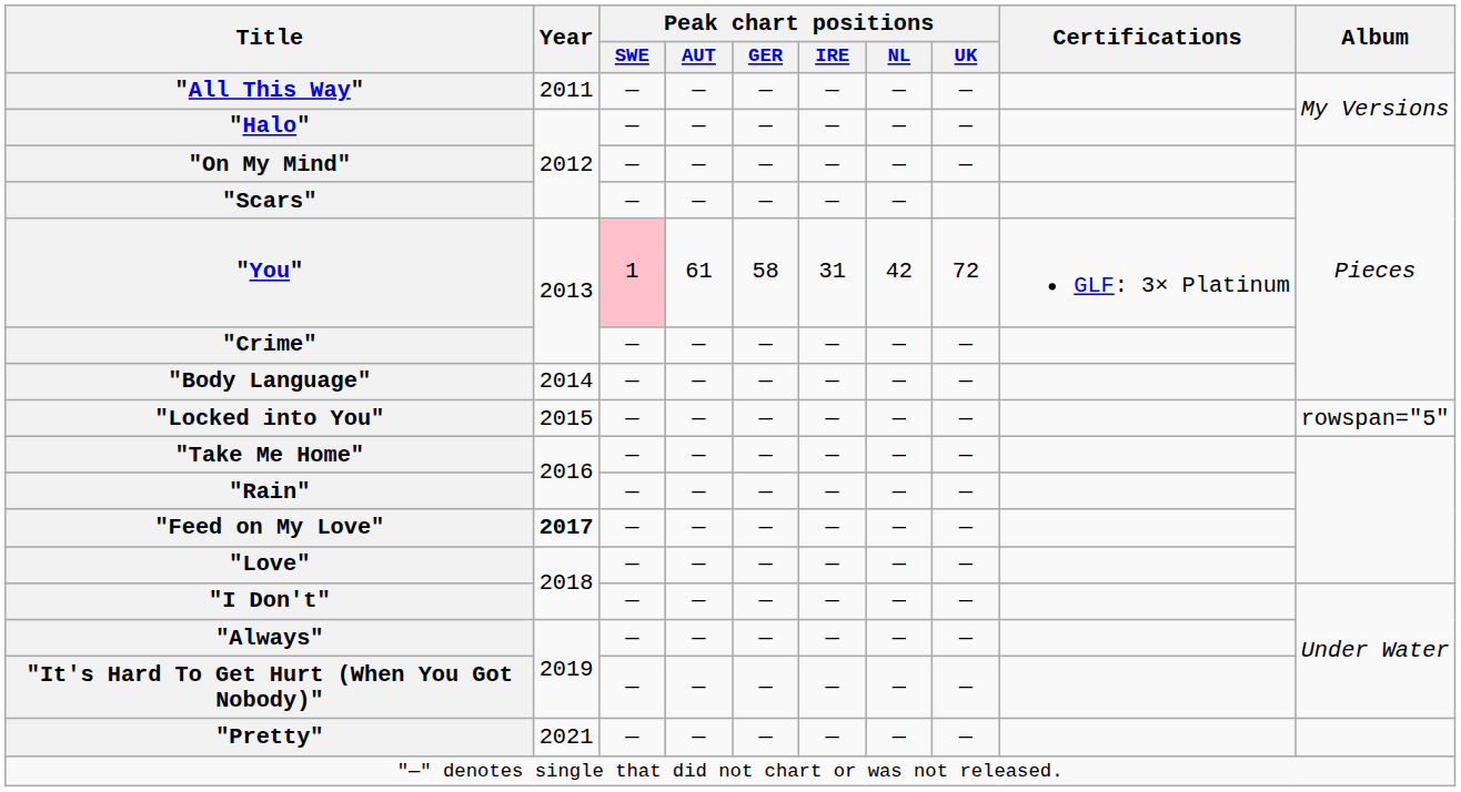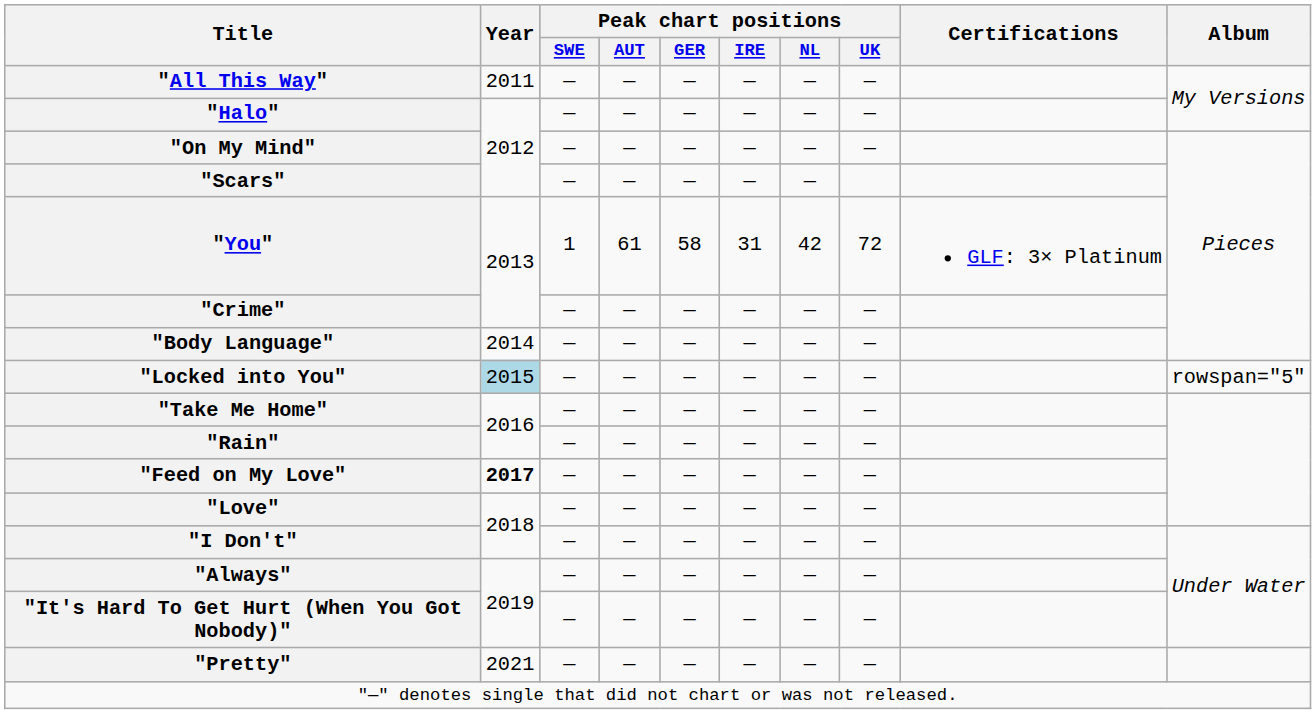 <table class="wikitable plainrowheaders" style="text-align:center;">
 <tr>
 <th scope="col" rowspan="2" style="width:23em;">Title</th>
 <th scope="col" rowspan="2" style="width:1em;">Year</th>
 <th scope="col" colspan="6">Peak chart positions</th>
 <th scope="col" rowspan="2">Certifications</th>
 <th scope="col" rowspan="2">Album</th>
 </tr>
 <tr>
 <th scope="col" style="width:3em;font-size:85%;"><a href='#'>SWE</a><br></th>
 <th scope="col" style="width:3em;font-size:85%;"><a href='#'>AUT</a><br></th>
 <th scope="col" style="width:3em;font-size:85%;"><a href='#'>GER</a></th>
 <th scope="col" style="width:3em;font-size:85%;"><a href='#'>IRE</a><br></th>
 <th scope="col" style="width:3em;font-size:85%;"><a href='#'>NL</a><br></th>
 <th scope="col" style="width:3em;font-size:85%;"><a href='#'>UK</a><br></th>
 </tr>
 <tr>
 <th scope="row">"<a href='#'>All This Way</a>"</th>
 <td>2011</td>
 <td>—</td>
 <td>—</td>
 <td>—</td>
 <td>—</td>
 <td>—</td>
 <td>—</td>
 <td></td>
 <td rowspan="2"><em>My Versions</em></td>
 </tr>
 <tr>
 <th scope="row">"<a href='#'>Halo</a>"</th>
 <td rowspan="3">2012</td>
 <td>—</td>
 <td>—</td>
 <td>—</td>
 <td>—</td>
 <td>—</td>
 <td>—</td>
 <td></td>
 </tr>
 <tr>
 <th scope="row">"On My Mind"</th>
 <td>—</td>
 <td>—</td>
 <td>—</td>
 <td>—</td>
 <td>—</td>
 <td>—</td>
 <td></td>
 <td rowspan="5"><em>Pieces</em></td>
 </tr>
 <tr>
 <th scope="row">"Scars"</th>
 <td>—</td>
 <td>—</td>
 <td>—</td>
 <td>—</td>
 <td>—</td>
 <td></td>
 </tr>
 <tr>
 <th scope="row">"<a href='#'>You</a>"</th>
 <td rowspan="2">2013</td>
-<td style="background: pink;">1</td>
+<td>1</td>
 <td>61</td>
 <td>58</td>
 <td>31</td>
 <td>42</td>
 <td>72</td>
 <td><br><ul><li><a href='#'>GLF</a>: 3× Platinum</li></ul></td>
 </tr>
 <tr>
 <th scope="row">"Crime"</th>
 <td>—</td>
 <td>—</td>
 <td>—</td>
 <td>—</td>
 <td>—</td>
 <td>—</td>
 <td></td>
 </tr>
 <tr>
 <th scope="row">"Body Language"</th>
 <td>2014</td>
 <td>—</td>
 <td>—</td>
 <td>—</td>
 <td>—</td>
 <td>—</td>
 <td>—</td>
 <td></td>
 </tr>
 <tr>
 <th scope="row">"Locked into You"</th>
-<td>2015</td>
+<td style="background: lightblue;">2015</td>
 <td>—</td>
 <td>—</td>
 <td>—</td>
 <td>—</td>
 <td>—</td>
 <td>—</td>
 <td></td>
 <td>rowspan="5" </td>
 </tr>
 <tr>
 <th scope="row">"Take Me Home"</th>
 <td rowspan="2">2016</td>
 <td>—</td>
 <td>—</td>
 <td>—</td>
 <td>—</td>
 <td>—</td>
 <td>—</td>
 <td></td>
 </tr>
 <tr>
 <th scope="row">"Rain"</th>
 <td>—</td>
 <td>—</td>
 <td>—</td>
 <td>—</td>
 <td>—</td>
 <td>—</td>
 <td></td>
 </tr>
 <tr>
 <th scope="row">"Feed on My Love"</th>
 <td><strong>2017</strong></td>
 <td>—</td>
 <td>—</td>
 <td>—</td>
 <td>—</td>
 <td>—</td>
 <td>—</td>
 <td></td>
 </tr>
 <tr>
 <th scope="row">"Love"</th>
 <td rowspan="2">2018</td>
 <td>—</td>
 <td>—</td>
 <td>—</td>
 <td>—</td>
 <td>—</td>
 <td>—</td>
 <td></td>
 </tr>
 <tr>
 <th scope="row">"I Don't"</th>
 <td>—</td>
 <td>—</td>
 <td>—</td>
 <td>—</td>
 <td>—</td>
 <td>—</td>
 <td></td>
 <td rowspan="3"><em>Under Water</em></td>
 </tr>
 <tr>
 <th scope="row">"Always"</th>
 <td rowspan="2">2019</td>
 <td>—</td>
 <td>—</td>
 <td>—</td>
 <td>—</td>
 <td>—</td>
 <td>—</td>
 <td></td>
 </tr>
 <tr>
 <th scope="row">"It's Hard To Get Hurt (When You Got Nobody)"</th>
 <td>—</td>
 <td>—</td>
 <td>—</td>
 <td>—</td>
 <td>—</td>
 <td>—</td>
 <td></td>
 </tr>
 <tr>
 <th scope="row">"Pretty"</th>
 <td>2021</td>
 <td>—</td>
 <td>—</td>
 <td>—</td>
 <td>—</td>
 <td>—</td>
 <td>—</td>
 <td></td>
 <td></td>
 </tr>
 <tr>
 <td colspan="18" style="font-size:85%">"—" denotes single that did not chart or was not released.</td>
 </tr>
 </table>
